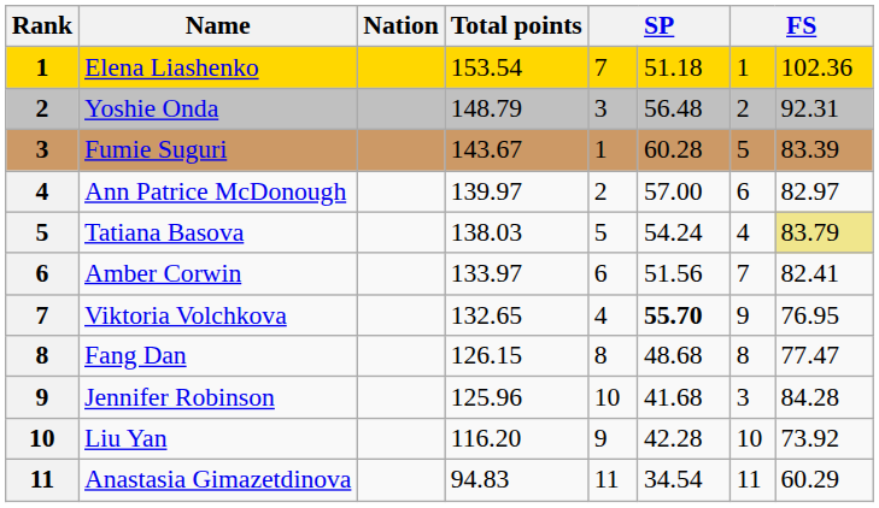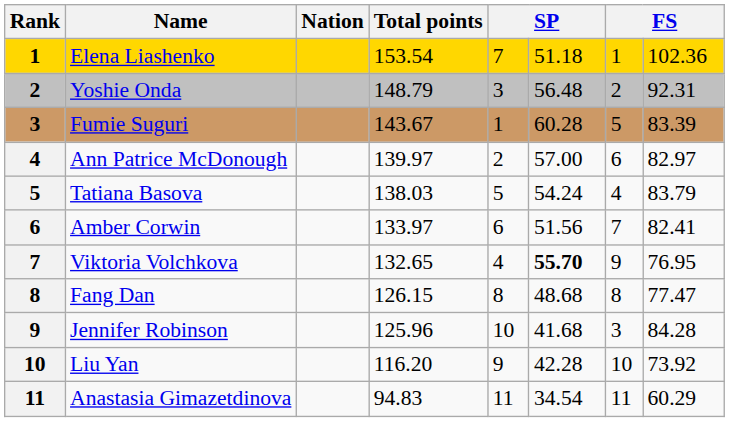 <table class="wikitable">
 <tr>
 <th>Rank</th>
 <th>Name</th>
 <th>Nation</th>
 <th>Total points</th>
 <th colspan="2" width="80px"><a href='#'>SP</a></th>
 <th colspan="2" width="80px"><a href='#'>FS</a></th>
 </tr>
 <tr bgcolor="gold">
 <td align="center"><strong>1</strong></td>
 <td><a href='#'>Elena Liashenko</a></td>
 <td></td>
 <td>153.54</td>
 <td>7</td>
 <td>51.18</td>
 <td>1</td>
 <td>102.36</td>
 </tr>
 <tr bgcolor="silver">
 <td align="center"><strong>2</strong></td>
 <td><a href='#'>Yoshie Onda</a></td>
 <td></td>
 <td>148.79</td>
 <td>3</td>
 <td>56.48</td>
 <td>2</td>
 <td>92.31</td>
 </tr>
 <tr bgcolor="cc9966">
 <td align="center"><strong>3</strong></td>
 <td><a href='#'>Fumie Suguri</a></td>
 <td></td>
 <td>143.67</td>
 <td>1</td>
 <td>60.28</td>
 <td>5</td>
 <td>83.39</td>
 </tr>
 <tr>
 <th>4</th>
 <td><a href='#'>Ann Patrice McDonough</a></td>
 <td></td>
 <td>139.97</td>
 <td>2</td>
 <td>57.00</td>
 <td>6</td>
 <td>82.97</td>
 </tr>
 <tr>
 <th>5</th>
 <td><a href='#'>Tatiana Basova</a></td>
 <td></td>
 <td>138.03</td>
 <td>5</td>
 <td>54.24</td>
 <td>4</td>
-<td style="background: khaki;">83.79</td>
+<td>83.79</td>
 </tr>
 <tr>
 <th>6</th>
 <td><a href='#'>Amber Corwin</a></td>
 <td></td>
 <td>133.97</td>
 <td>6</td>
 <td>51.56</td>
 <td>7</td>
 <td>82.41</td>
 </tr>
 <tr>
 <th>7</th>
 <td><a href='#'>Viktoria Volchkova</a></td>
 <td></td>
 <td>132.65</td>
 <td>4</td>
 <td><strong>55.70</strong></td>
 <td>9</td>
 <td>76.95</td>
 </tr>
 <tr>
 <th>8</th>
 <td><a href='#'>Fang Dan</a></td>
 <td></td>
 <td>126.15</td>
 <td>8</td>
 <td>48.68</td>
 <td>8</td>
 <td>77.47</td>
 </tr>
 <tr>
 <th>9</th>
 <td><a href='#'>Jennifer Robinson</a></td>
 <td></td>
 <td>125.96</td>
 <td>10</td>
 <td>41.68</td>
 <td>3</td>
 <td>84.28</td>
 </tr>
 <tr>
 <th>10</th>
 <td><a href='#'>Liu Yan</a></td>
 <td></td>
 <td>116.20</td>
 <td>9</td>
 <td>42.28</td>
 <td>10</td>
 <td>73.92</td>
 </tr>
 <tr>
 <th>11</th>
 <td><a href='#'>Anastasia Gimazetdinova</a></td>
 <td></td>
 <td>94.83</td>
 <td>11</td>
 <td>34.54</td>
 <td>11</td>
 <td>60.29</td>
 </tr>
 </table>
